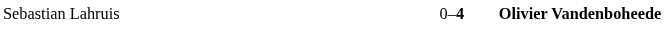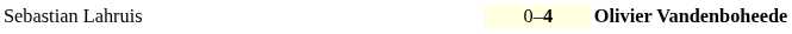 <table width="100%" cellspacing="1">
 <tr>
 <th width=45%></th>
 <th width=10%></th>
 <th width=45%></th>
 </tr>
 <tr>
 <td> Sebastian Lahruis</td>
-<td align="center">0–<strong>4</strong></td>
+<td align="center" style="background: lightyellow;">0–<strong>4</strong></td>
 <td> <strong>Olivier Vandenboheede</strong></td>
 </tr>
 </table>
